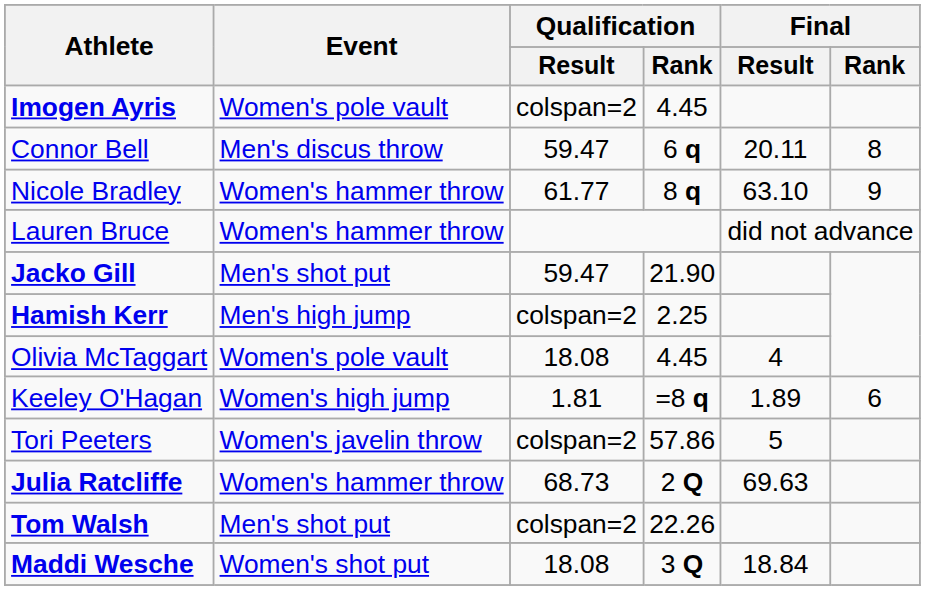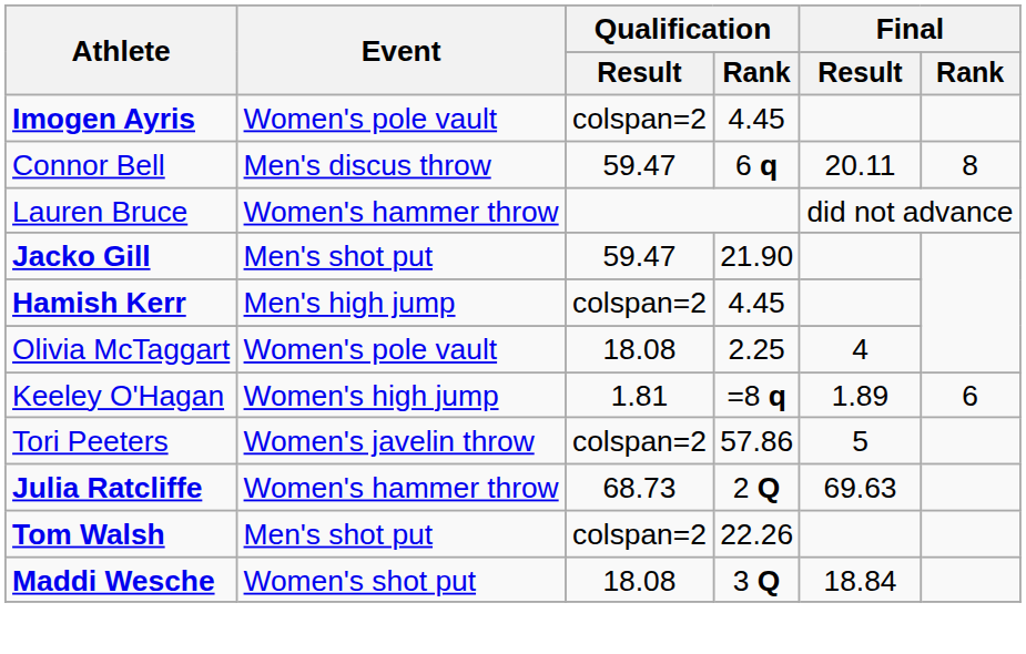 <table class="wikitable" style="font-size:90%; text-align:center">
 <tr>
 <th rowspan=2>Athlete</th>
 <th rowspan=2>Event</th>
 <th colspan=2>Qualification</th>
 <th colspan=2>Final</th>
 </tr>
 <tr style="font-size:95%">
 <th>Result</th>
 <th>Rank</th>
 <th>Result</th>
 <th>Rank</th>
 </tr>
 <tr>
 <td align=left><strong><a href='#'>Imogen Ayris</a></strong></td>
 <td align=left><a href='#'>Women's pole vault</a></td>
 <td>colspan=2 </td>
 <td>4.45</td>
 <td></td>
 </tr>
 <tr>
 <td align=left><a href='#'>Connor Bell</a></td>
 <td align=left><a href='#'>Men's discus throw</a></td>
 <td>59.47</td>
 <td>6 <strong>q</strong></td>
 <td>20.11</td>
 <td>8</td>
 </tr>
 <tr>
-<td align=left><a href='#'>Nicole Bradley</a></td>
-<td align=left><a href='#'>Women's hammer throw</a></td>
-<td>61.77</td>
-<td>8 <strong>q</strong></td>
-<td>63.10</td>
-<td>9</td>
-</tr>
-<tr>
 <td align=left><a href='#'>Lauren Bruce</a></td>
 <td align=left><a href='#'>Women's hammer throw</a></td>
 <td colspan=2></td>
 <td colspan=2>did not advance</td>
 </tr>
 <tr>
 <td align=left><strong><a href='#'>Jacko Gill</a></strong></td>
 <td align=left><a href='#'>Men's shot put</a></td>
 <td>59.47</td>
 <td>21.90</td>
 <td></td>
 </tr>
 <tr>
 <td align=left><strong><a href='#'>Hamish Kerr</a></strong></td>
 <td align=left><a href='#'>Men's high jump</a></td>
 <td>colspan=2 </td>
-<td>2.25</td>
+<td>4.45</td>
 <td></td>
 </tr>
 <tr>
 <td align=left><a href='#'>Olivia McTaggart</a></td>
 <td align=left><a href='#'>Women's pole vault</a></td>
 <td>18.08</td>
-<td>4.45</td>
+<td>2.25</td>
 <td>4</td>
 </tr>
 <tr>
 <td align=left><a href='#'>Keeley O'Hagan</a></td>
 <td align=left><a href='#'>Women's high jump</a></td>
 <td>1.81</td>
 <td>=8 <strong>q</strong></td>
 <td>1.89</td>
 <td>6</td>
 </tr>
 <tr>
 <td align=left><a href='#'>Tori Peeters</a></td>
 <td align=left><a href='#'>Women's javelin throw</a></td>
 <td>colspan=2 </td>
 <td>57.86</td>
 <td>5</td>
 </tr>
 <tr>
 <td align=left><strong><a href='#'>Julia Ratcliffe</a></strong></td>
 <td align=left><a href='#'>Women's hammer throw</a></td>
 <td>68.73</td>
 <td>2 <strong>Q</strong></td>
 <td>69.63</td>
 <td></td>
 </tr>
 <tr>
 <td align=left><strong><a href='#'>Tom Walsh</a></strong></td>
 <td align=left><a href='#'>Men's shot put</a></td>
 <td>colspan=2 </td>
 <td>22.26</td>
 <td></td>
 </tr>
 <tr>
 <td align=left><strong><a href='#'>Maddi Wesche</a></strong></td>
 <td align=left><a href='#'>Women's shot put</a></td>
 <td>18.08</td>
 <td>3 <strong>Q</strong></td>
 <td>18.84</td>
 <td></td>
 </tr>
 </table>
